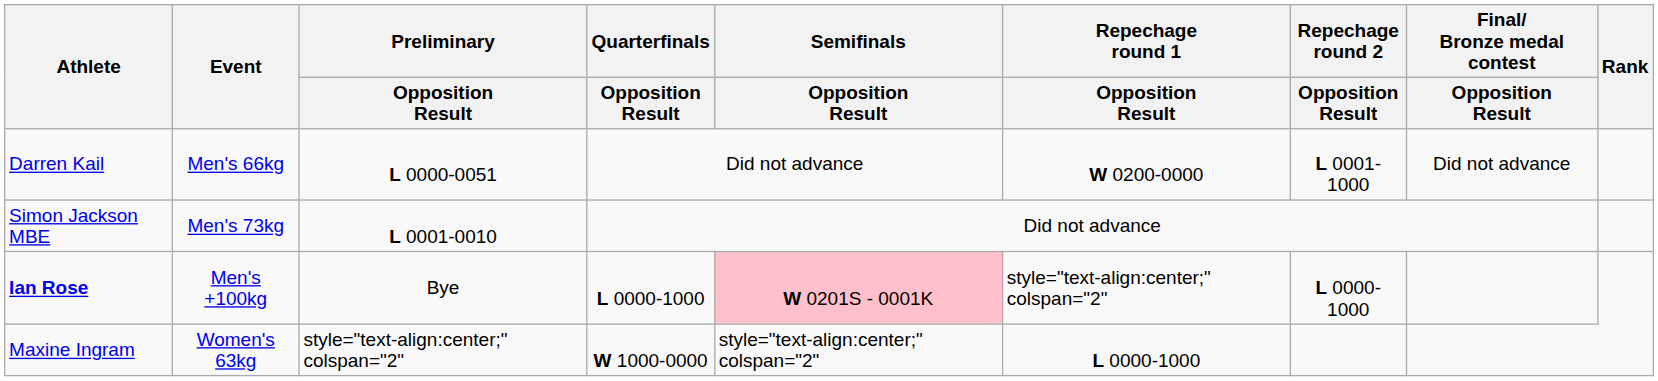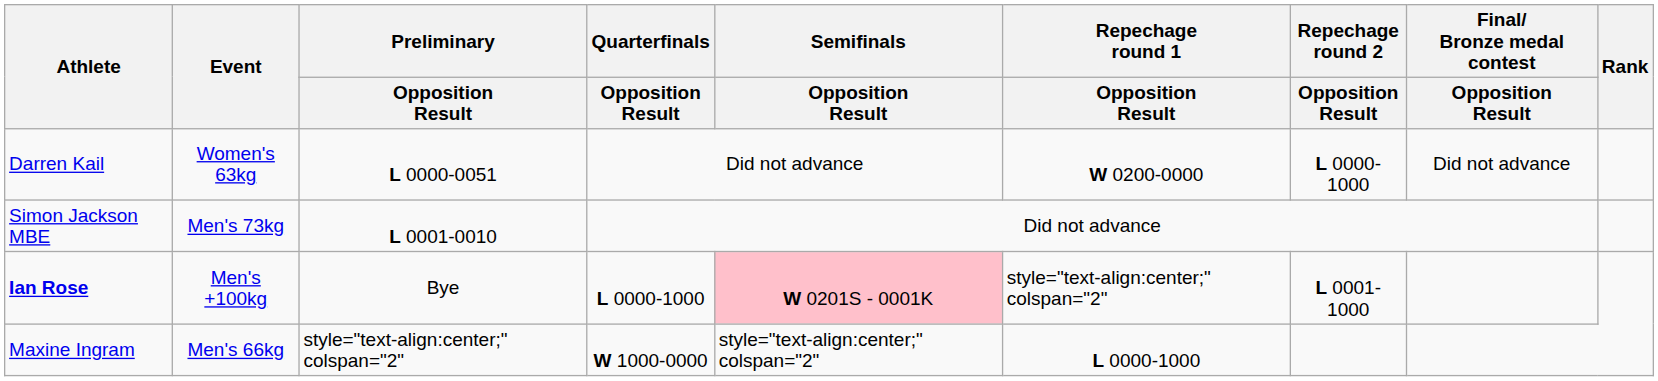 <table class=wikitable style="font-size:90%">
 <tr>
 <th rowspan="2">Athlete</th>
 <th rowspan="2">Event</th>
 <th>Preliminary</th>
 <th>Quarterfinals</th>
 <th>Semifinals</th>
 <th>Repechage <br>round 1</th>
 <th>Repechage <br>round 2</th>
 <th>Final/<br>Bronze medal contest</th>
 <th rowspan="2">Rank</th>
 </tr>
 <tr>
 <th>Opposition<br>Result</th>
 <th>Opposition<br>Result</th>
 <th>Opposition<br>Result</th>
 <th>Opposition<br>Result</th>
 <th>Opposition<br>Result</th>
 <th>Opposition<br>Result</th>
 </tr>
 <tr>
 <td><a href='#'>Darren Kail</a></td>
-<td style="text-align:center;"><a href='#'>Men's 66kg</a></td>
+<td style="text-align:center;"><a href='#'>Women's 63kg</a></td>
 <td style="text-align:center;"><br> <strong>L</strong> 0000-0051</td>
 <td style="text-align:center;" colspan="2">Did not advance</td>
 <td style="text-align:center;"><br> <strong>W</strong> 0200-0000</td>
-<td style="text-align:center;"><br> <strong>L</strong> 0001-1000</td>
+<td style="text-align:center;"><br> <strong>L</strong> 0000-1000</td>
 <td style="text-align:center;">Did not advance</td>
 <td align="center"></td>
 </tr>
 <tr>
 <td><a href='#'>Simon Jackson MBE</a></td>
 <td style="text-align:center;"><a href='#'>Men's 73kg</a></td>
 <td style="text-align:center;"><br> <strong>L</strong> 0001-0010</td>
 <td style="text-align:center;" colspan="5">Did not advance</td>
 <td align="center"></td>
 </tr>
 <tr>
 <td><strong><a href='#'>Ian Rose</a></strong></td>
 <td style="text-align:center;"><a href='#'>Men's +100kg</a></td>
 <td style="text-align:center;">Bye</td>
 <td style="text-align:center;"><br> <strong>L</strong> 0000-1000</td>
 <td style="background: pink; text-align:center;"><br> <strong>W</strong> 0201S - 0001K</td>
 <td>style="text-align:center;" colspan="2" </td>
-<td style="text-align:center;"><br> <strong>L</strong> 0000-1000</td>
+<td style="text-align:center;"><br> <strong>L</strong> 0001-1000</td>
 <td align="center"></td>
 </tr>
 <tr>
 <td><a href='#'>Maxine Ingram</a></td>
-<td style="text-align:center;"><a href='#'>Women's 63kg</a></td>
+<td style="text-align:center;"><a href='#'>Men's 66kg</a></td>
 <td>style="text-align:center;" colspan="2" </td>
 <td style="text-align:center;"><br> <strong>W</strong> 1000-0000</td>
 <td>style="text-align:center;" colspan="2" </td>
 <td style="text-align:center;"><br> <strong>L</strong> 0000-1000</td>
 <td align="center"></td>
 </tr>
 </table>
